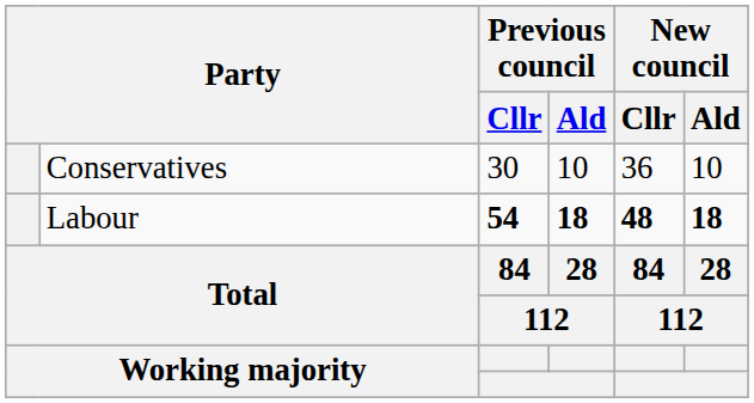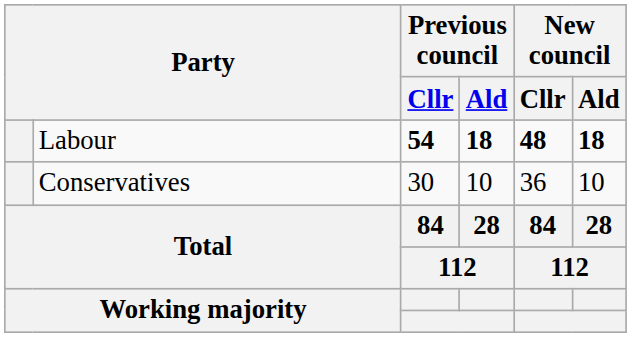 <table class="wikitable">
 <tr>
 <th colspan="2" rowspan="2" style="width: 230px">Party</th>
 <th valign=top colspan="2" style="width: 30px">Previous council</th>
 <th valign=top colspan="2" style="width: 30px">New council</th>
 </tr>
 <tr>
 <th><a href='#'>Cllr</a></th>
 <th><a href='#'>Ald</a></th>
 <th>Cllr</th>
 <th>Ald</th>
 </tr>
 <tr>
 <th style="background-color: "></th>
+<td>Labour</td>
+<td><strong>54</strong></td>
+<td><strong>18</strong></td>
+<td><strong>48</strong></td>
+<td><strong>18</strong></td>
+</tr>
+<tr>
+<th style="background-color: "></th>
 <td>Conservatives</td>
 <td>30</td>
 <td>10</td>
 <td>36</td>
 <td>10</td>
-</tr>
-<tr>
-<th style="background-color: "></th>
-<td>Labour</td>
-<td><strong>54</strong></td>
-<td><strong>18</strong></td>
-<td><strong>48</strong></td>
-<td><strong>18</strong></td>
 </tr>
 <tr>
 <th colspan="2" rowspan="2">Total</th>
 <th style="text-align: center">84</th>
 <th style="text-align: center">28</th>
 <th style="text-align: center">84</th>
 <th style="text-align: center">28</th>
 </tr>
 <tr>
 <th colspan="2" style="text-align: center">112</th>
 <th colspan="2" style="text-align: center">112</th>
 </tr>
 <tr>
 <th colspan="2" rowspan="2">Working majority</th>
 <th></th>
 <th></th>
 <th></th>
 <th></th>
 </tr>
 <tr>
 <th colspan="2"></th>
 <th colspan="2"></th>
 </tr>
 </table>
